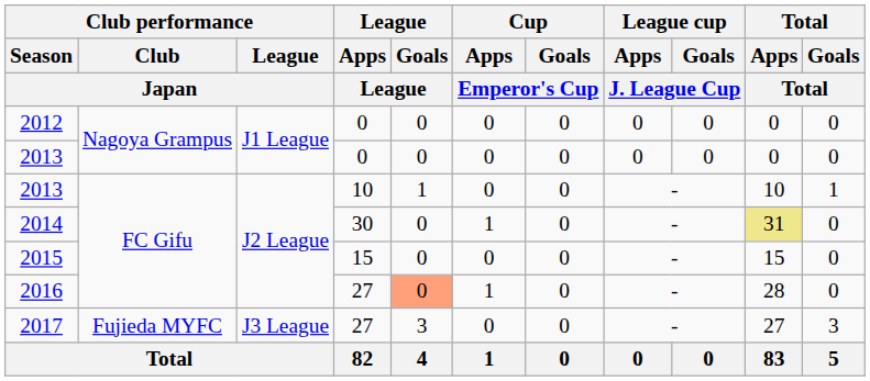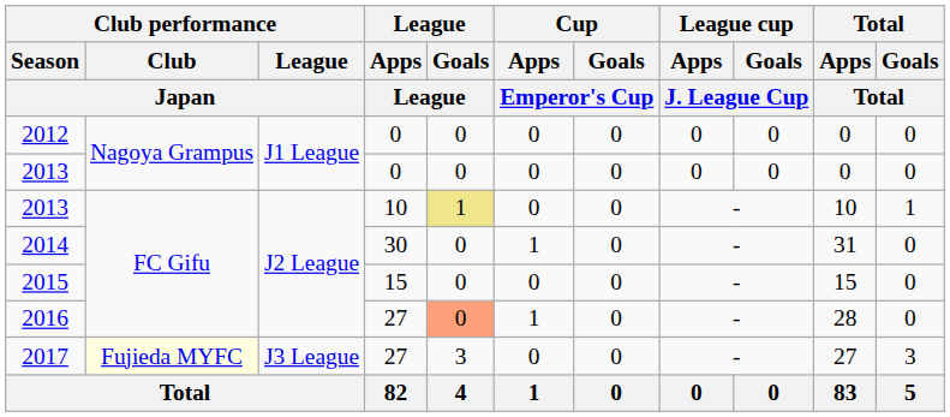 <table class="wikitable" style="text-align:center;">
 <tr>
 <th colspan=3>Club performance</th>
 <th colspan=2>League</th>
 <th colspan=2>Cup</th>
 <th colspan=2>League cup</th>
 <th colspan=2>Total</th>
 </tr>
 <tr>
 <th>Season</th>
 <th>Club</th>
 <th>League</th>
 <th>Apps</th>
 <th>Goals</th>
 <th>Apps</th>
 <th>Goals</th>
 <th>Apps</th>
 <th>Goals</th>
 <th>Apps</th>
 <th>Goals</th>
 </tr>
 <tr>
 <th colspan=3>Japan</th>
 <th colspan=2>League</th>
 <th colspan=2><a href='#'>Emperor's Cup</a></th>
 <th colspan=2><a href='#'>J. League Cup</a></th>
 <th colspan=2>Total</th>
 </tr>
 <tr>
 <td><a href='#'>2012</a></td>
 <td rowspan=2><a href='#'>Nagoya Grampus</a></td>
 <td rowspan=2><a href='#'>J1 League</a></td>
 <td>0</td>
 <td>0</td>
 <td>0</td>
 <td>0</td>
 <td>0</td>
 <td>0</td>
 <td>0</td>
 <td>0</td>
 </tr>
 <tr>
 <td><a href='#'>2013</a></td>
 <td>0</td>
 <td>0</td>
 <td>0</td>
 <td>0</td>
 <td>0</td>
 <td>0</td>
 <td>0</td>
 <td>0</td>
 </tr>
 <tr>
 <td><a href='#'>2013</a></td>
 <td rowspan="4"><a href='#'>FC Gifu</a></td>
 <td rowspan="4"><a href='#'>J2 League</a></td>
 <td>10</td>
-<td>1</td>
+<td style="background: khaki;">1</td>
 <td>0</td>
 <td>0</td>
 <td colspan=2>-</td>
 <td>10</td>
 <td>1</td>
 </tr>
 <tr>
 <td><a href='#'>2014</a></td>
 <td>30</td>
 <td>0</td>
 <td>1</td>
 <td>0</td>
 <td colspan=2>-</td>
-<td style="background: khaki;">31</td>
+<td>31</td>
 <td>0</td>
 </tr>
 <tr>
 <td><a href='#'>2015</a></td>
 <td>15</td>
 <td>0</td>
 <td>0</td>
 <td>0</td>
 <td colspan=2>-</td>
 <td>15</td>
 <td>0</td>
 </tr>
 <tr>
 <td><a href='#'>2016</a></td>
 <td>27</td>
 <td style="background: lightsalmon;">0</td>
 <td>1</td>
 <td>0</td>
 <td colspan=2>-</td>
 <td>28</td>
 <td>0</td>
 </tr>
 <tr>
 <td><a href='#'>2017</a></td>
-<td rowspan="1"><a href='#'>Fujieda MYFC</a></td>
+<td rowspan="1" style="background: lightyellow;"><a href='#'>Fujieda MYFC</a></td>
 <td rowspan="1"><a href='#'>J3 League</a></td>
 <td>27</td>
 <td>3</td>
 <td>0</td>
 <td>0</td>
 <td colspan=2>-</td>
 <td>27</td>
 <td>3</td>
 </tr>
 <tr>
 <th colspan=3>Total</th>
 <th>82</th>
 <th>4</th>
 <th>1</th>
 <th>0</th>
 <th>0</th>
 <th>0</th>
 <th>83</th>
 <th>5</th>
 </tr>
 </table>
